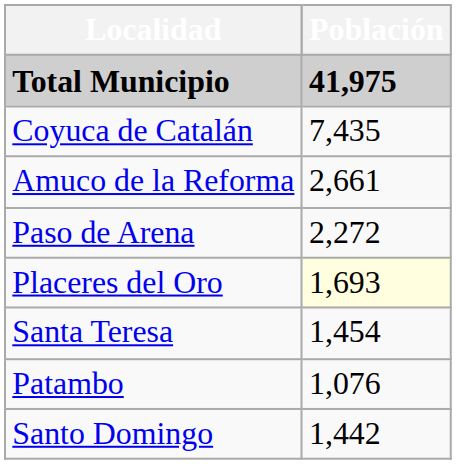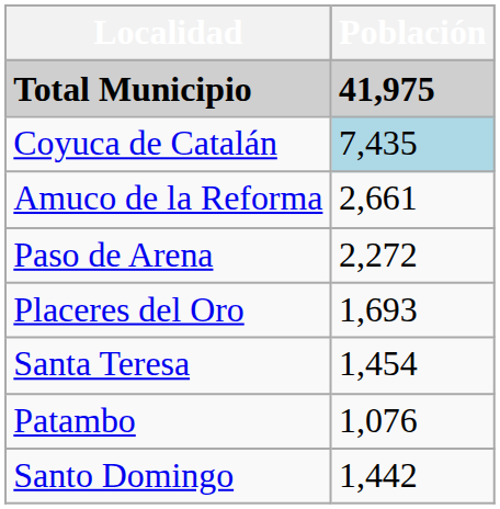 <table class="wikitable">
 <tr style="background:#000000; color:#FFFFFF;">
 <th><strong>Localidad</strong></th>
 <th><strong>Población</strong></th>
 </tr>
 <tr style="background:#CFCFCF;">
 <td><strong>Total Municipio</strong></td>
 <td><strong>41,975</strong></td>
 </tr>
 <tr>
 <td><a href='#'>Coyuca de Catalán</a></td>
-<td>7,435</td>
+<td style="background: lightblue;">7,435</td>
 </tr>
 <tr>
 <td><a href='#'>Amuco de la Reforma</a></td>
 <td>2,661</td>
 </tr>
 <tr>
 <td><a href='#'>Paso de Arena</a></td>
 <td>2,272</td>
 </tr>
 <tr>
 <td><a href='#'>Placeres del Oro</a></td>
-<td style="background: lightyellow;">1,693</td>
+<td>1,693</td>
 </tr>
 <tr>
 <td><a href='#'>Santa Teresa</a></td>
 <td>1,454</td>
 </tr>
 <tr>
 <td><a href='#'>Patambo</a></td>
 <td>1,076</td>
 </tr>
 <tr>
 <td><a href='#'>Santo Domingo</a></td>
 <td>1,442</td>
 </tr>
 </table>
